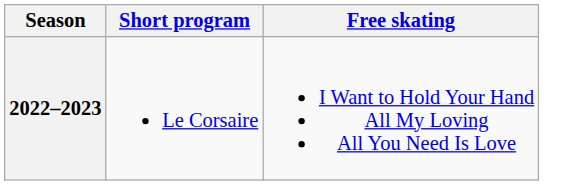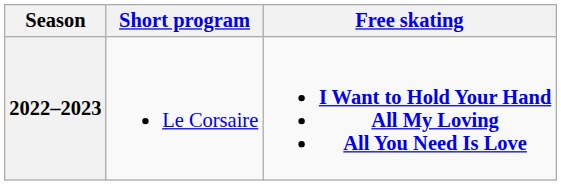 <table class=wikitable style=text-align:center>
 <tr>
 <th>Season</th>
 <th><a href='#'>Short program</a></th>
 <th><a href='#'>Free skating</a></th>
 </tr>
 <tr>
 <th>2022–2023 <br></th>
 <td><br><ul><li><a href='#'>Le Corsaire</a> <br> </li></ul></td>
-<td><br><ul><li><a href='#'>I Want to Hold Your Hand</a></li><li><a href='#'>All My Loving</a></li><li><a href='#'>All You Need Is Love</a> <br> </li></ul></td>
+<td><strong><br><ul><li><a href='#'>I Want to Hold Your Hand</a></li><li><a href='#'>All My Loving</a></li><li><a href='#'>All You Need Is Love</a> <br> </li></ul></strong></td>
 </tr>
 </table>
